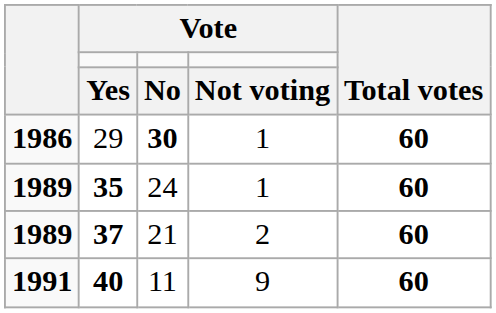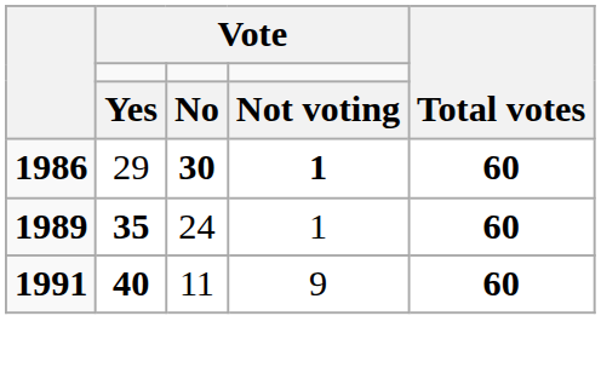 <table class=wikitable style="text-align:center">
 <tr style="vertical-align:bottom;">
 <th rowspan=3></th>
 <th colspan=3>Vote</th>
 <th rowspan=3>Total votes</th>
 </tr>
 <tr style="height:5px">
 <td style="background-color:"></td>
 <td style="background-color:"></td>
 <td style="background-color:"></td>
 </tr>
 <tr style="vertical-align:bottom;">
 <th>Yes</th>
 <th>No</th>
 <th>Not voting</th>
 </tr>
 <tr>
 <td><strong>1986</strong></td>
 <td style="background:#fff;">29</td>
 <td style="background:#fff;"><strong>30</strong></td>
-<td style="background:#fff;">1</td>
+<td style="background:#fff;"><strong>1</strong></td>
 <td style="background:#fff;"><strong>60</strong></td>
 </tr>
 <tr>
 <td><strong>1989</strong></td>
 <td style="background:#fff;"><strong>35</strong></td>
 <td style="background:#fff;">24</td>
 <td style="background:#fff;">1</td>
 <td style="background:#fff;"><strong>60</strong></td>
 </tr>
 <tr>
-<td><strong>1989</strong></td>
-<td style="background:#fff;"><strong>37</strong></td>
-<td style="background:#fff;">21</td>
-<td style="background:#fff;">2</td>
-<td style="background:#fff;"><strong>60</strong></td>
-</tr>
-<tr>
 <td><strong>1991</strong></td>
 <td style="background:#fff;"><strong>40</strong></td>
 <td style="background:#fff;">11</td>
 <td style="background:#fff;">9</td>
 <td style="background:#fff;"><strong>60</strong></td>
 </tr>
 </table>
